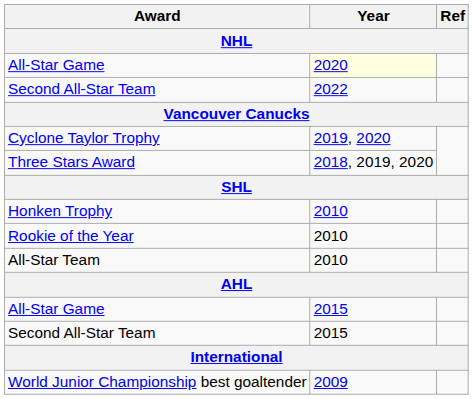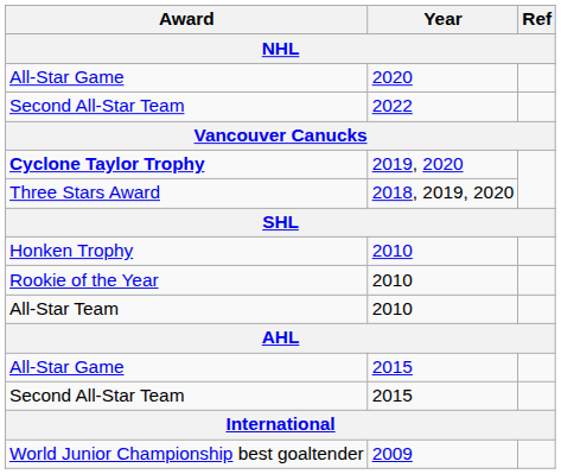 <table class="wikitable">
 <tr>
 <th>Award</th>
 <th>Year</th>
 <th>Ref</th>
 </tr>
 <tr>
 <th colspan="3"><a href='#'>NHL</a></th>
 </tr>
 <tr>
 <td><a href='#'>All-Star Game</a></td>
-<td style="background: lightyellow;"><a href='#'>2020</a></td>
+<td><a href='#'>2020</a></td>
 <td></td>
 </tr>
 <tr>
 <td><a href='#'>Second All-Star Team</a></td>
 <td><a href='#'>2022</a></td>
 <td></td>
 </tr>
 <tr>
 <th colspan="3"><a href='#'>Vancouver Canucks</a></th>
 </tr>
 <tr>
-<td><a href='#'>Cyclone Taylor Trophy</a></td>
+<td><strong><a href='#'>Cyclone Taylor Trophy</a></strong></td>
 <td><a href='#'>2019</a>, <a href='#'>2020</a></td>
 </tr>
 <tr>
 <td><a href='#'>Three Stars Award</a></td>
 <td><a href='#'>2018</a>, 2019, 2020</td>
 </tr>
 <tr>
 <th colspan="3"><a href='#'>SHL</a></th>
 </tr>
 <tr>
 <td><a href='#'>Honken Trophy</a></td>
 <td><a href='#'>2010</a></td>
 <td></td>
 </tr>
 <tr>
 <td><a href='#'>Rookie of the Year</a></td>
 <td>2010</td>
 <td></td>
 </tr>
 <tr>
 <td>All-Star Team</td>
 <td>2010</td>
 <td></td>
 </tr>
 <tr>
 <th colspan="3"><a href='#'>AHL</a></th>
 </tr>
 <tr>
 <td><a href='#'>All-Star Game</a></td>
 <td><a href='#'>2015</a></td>
 <td></td>
 </tr>
 <tr>
 <td>Second All-Star Team</td>
 <td>2015</td>
 <td></td>
 </tr>
 <tr>
 <th colspan="3"><a href='#'>International</a></th>
 </tr>
 <tr>
 <td><a href='#'>World Junior Championship</a> best goaltender</td>
 <td><a href='#'>2009</a></td>
 <td></td>
 </tr>
 </table>
